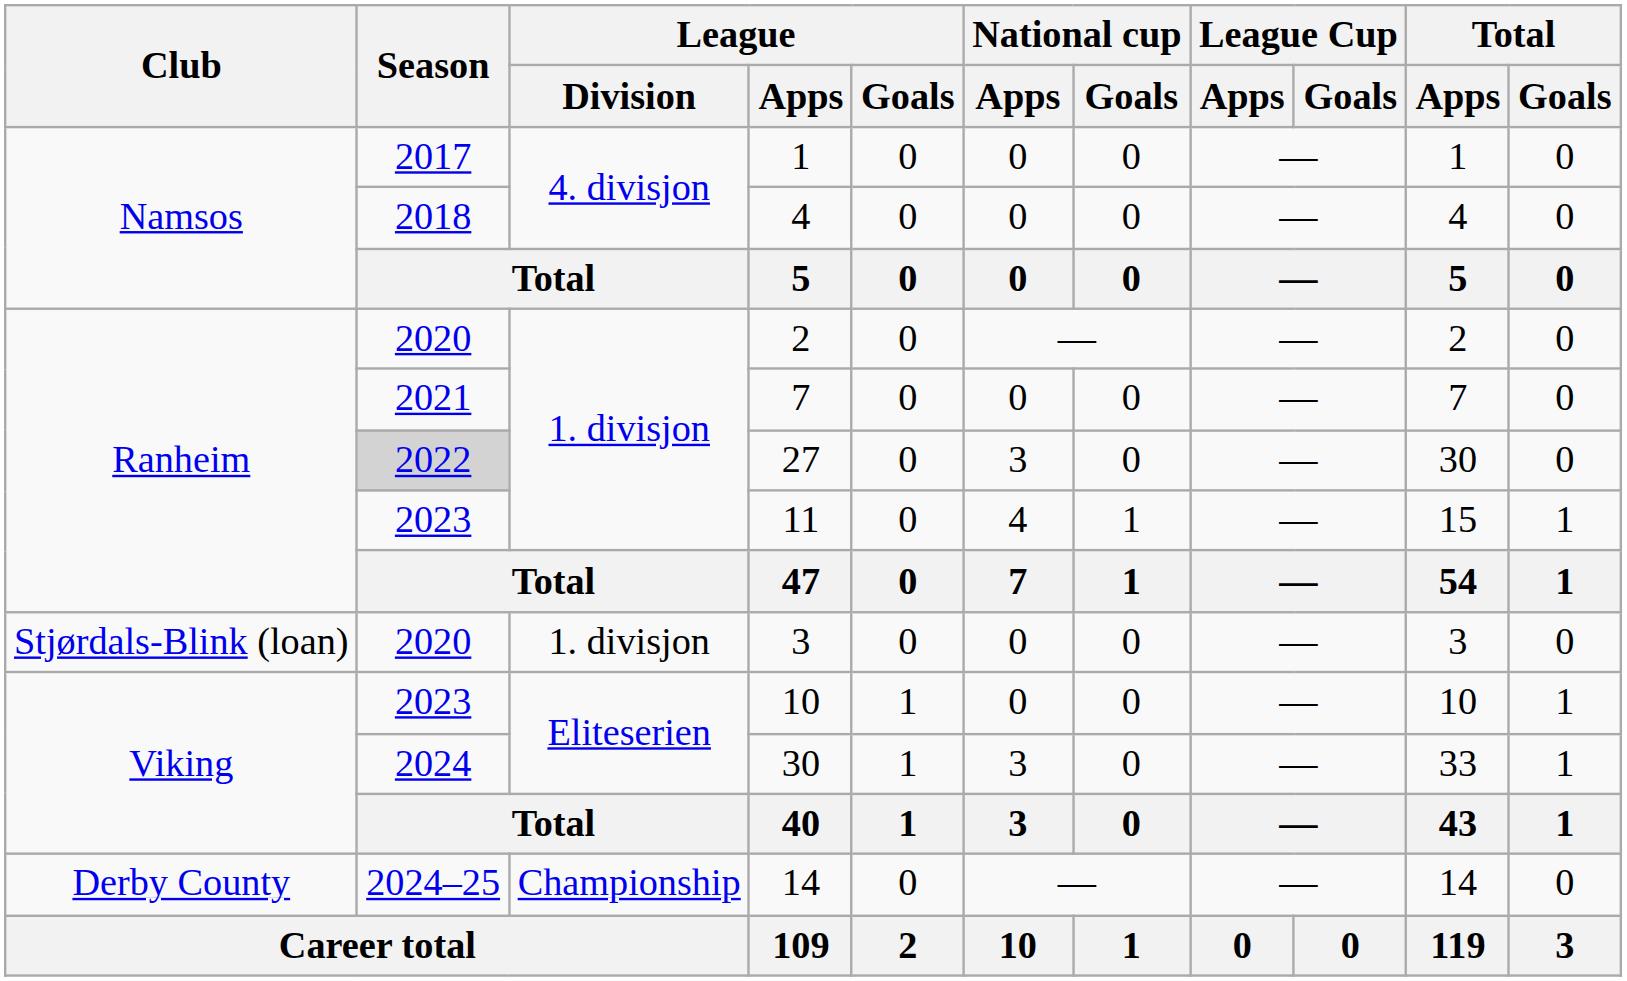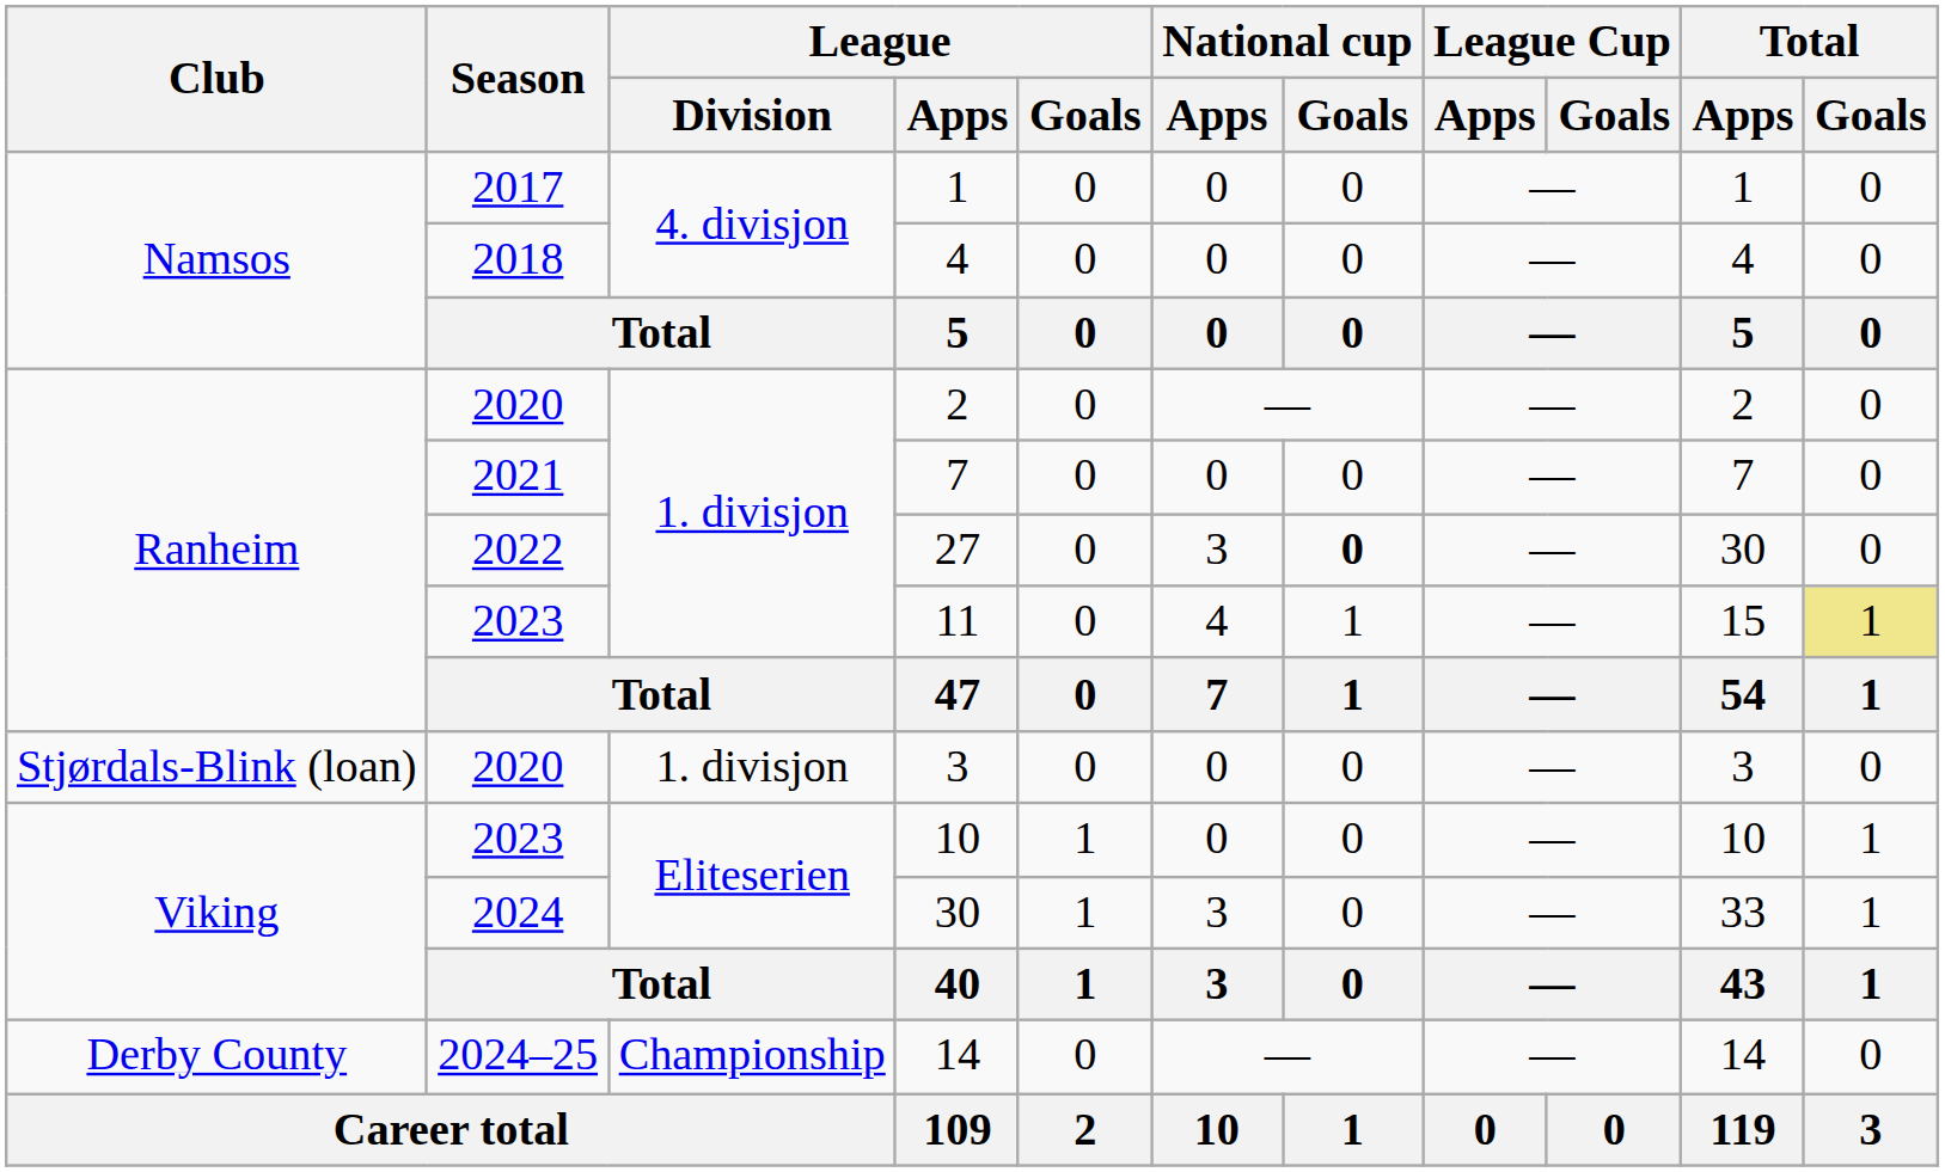 <table class="wikitable" style="text-align: center;">
 <tr>
 <th rowspan=2>Club</th>
 <th rowspan=2>Season</th>
 <th colspan=3>League</th>
 <th colspan=2>National cup</th>
 <th colspan=2>League Cup</th>
 <th colspan=2>Total</th>
 </tr>
 <tr>
 <th>Division</th>
 <th>Apps</th>
 <th>Goals</th>
 <th>Apps</th>
 <th>Goals</th>
 <th>Apps</th>
 <th>Goals</th>
 <th>Apps</th>
 <th>Goals</th>
 </tr>
 <tr>
 <td rowspan=3><a href='#'>Namsos</a></td>
 <td><a href='#'>2017</a></td>
 <td rowspan=2><a href='#'>4. divisjon</a></td>
 <td>1</td>
 <td>0</td>
 <td>0</td>
 <td>0</td>
 <td colspan="2">—</td>
 <td>1</td>
 <td>0</td>
 </tr>
 <tr>
 <td><a href='#'>2018</a></td>
 <td>4</td>
 <td>0</td>
 <td>0</td>
 <td>0</td>
 <td colspan="2">—</td>
 <td>4</td>
 <td>0</td>
 </tr>
 <tr>
 <th colspan=2>Total</th>
 <th>5</th>
 <th>0</th>
 <th>0</th>
 <th>0</th>
 <th colspan="2">—</th>
 <th>5</th>
 <th>0</th>
 </tr>
 <tr>
 <td rowspan=5><a href='#'>Ranheim</a></td>
 <td><a href='#'>2020</a></td>
 <td rowspan=4><a href='#'>1. divisjon</a></td>
 <td>2</td>
 <td>0</td>
 <td colspan="2">—</td>
 <td colspan="2">—</td>
 <td>2</td>
 <td>0</td>
 </tr>
 <tr>
 <td><a href='#'>2021</a></td>
 <td>7</td>
 <td>0</td>
 <td>0</td>
 <td>0</td>
 <td colspan="2">—</td>
 <td>7</td>
 <td>0</td>
 </tr>
 <tr>
-<td style="background: lightgrey;"><a href='#'>2022</a></td>
+<td><a href='#'>2022</a></td>
 <td>27</td>
 <td>0</td>
 <td>3</td>
-<td>0</td>
+<td><strong>0</strong></td>
 <td colspan="2">—</td>
 <td>30</td>
 <td>0</td>
 </tr>
 <tr>
 <td><a href='#'>2023</a></td>
 <td>11</td>
 <td>0</td>
 <td>4</td>
 <td>1</td>
 <td colspan="2">—</td>
 <td>15</td>
-<td>1</td>
+<td style="background: khaki;">1</td>
 </tr>
 <tr>
 <th colspan=2>Total</th>
 <th>47</th>
 <th>0</th>
 <th>7</th>
 <th>1</th>
 <th colspan="2">—</th>
 <th>54</th>
 <th>1</th>
 </tr>
 <tr>
 <td><a href='#'>Stjørdals-Blink</a> (loan)</td>
 <td><a href='#'>2020</a></td>
 <td>1. divisjon</td>
 <td>3</td>
 <td>0</td>
 <td>0</td>
 <td>0</td>
 <td colspan="2">—</td>
 <td>3</td>
 <td>0</td>
 </tr>
 <tr>
 <td rowspan=3><a href='#'>Viking</a></td>
 <td><a href='#'>2023</a></td>
 <td rowspan=2><a href='#'>Eliteserien</a></td>
 <td>10</td>
 <td>1</td>
 <td>0</td>
 <td>0</td>
 <td colspan="2">—</td>
 <td>10</td>
 <td>1</td>
 </tr>
 <tr>
 <td><a href='#'>2024</a></td>
 <td>30</td>
 <td>1</td>
 <td>3</td>
 <td>0</td>
 <td colspan="2">—</td>
 <td>33</td>
 <td>1</td>
 </tr>
 <tr>
 <th colspan=2>Total</th>
 <th>40</th>
 <th>1</th>
 <th>3</th>
 <th>0</th>
 <th colspan="2">—</th>
 <th>43</th>
 <th>1</th>
 </tr>
 <tr>
 <td><a href='#'>Derby County</a></td>
 <td><a href='#'>2024–25</a></td>
 <td><a href='#'>Championship</a></td>
 <td>14</td>
 <td>0</td>
 <td colspan="2">—</td>
 <td colspan="2">—</td>
 <td>14</td>
 <td>0</td>
 </tr>
 <tr>
 <th colspan=3>Career total</th>
 <th>109</th>
 <th>2</th>
 <th>10</th>
 <th>1</th>
 <th>0</th>
 <th>0</th>
 <th>119</th>
 <th>3</th>
 </tr>
 </table>
